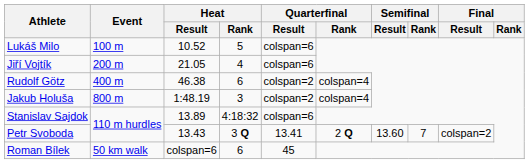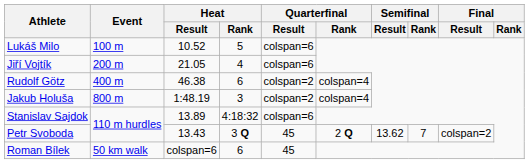 <table class=wikitable style="font-size:90%">
 <tr>
 <th rowspan="2">Athlete</th>
 <th rowspan="2">Event</th>
 <th colspan="2">Heat</th>
 <th colspan="2">Quarterfinal</th>
 <th colspan="2">Semifinal</th>
 <th colspan="2">Final</th>
 </tr>
 <tr style="font-size:95%">
 <th>Result</th>
 <th>Rank</th>
 <th>Result</th>
 <th>Rank</th>
 <th>Result</th>
 <th>Rank</th>
 <th>Result</th>
 <th>Rank</th>
 </tr>
 <tr align=center>
 <td align=left><a href='#'>Lukáš Milo</a></td>
 <td align=left><a href='#'>100 m</a></td>
 <td>10.52</td>
 <td>5</td>
 <td>colspan=6 </td>
 </tr>
 <tr align=center>
 <td align=left><a href='#'>Jiří Vojtík</a></td>
 <td align=left><a href='#'>200 m</a></td>
 <td>21.05</td>
 <td>4</td>
 <td>colspan=6 </td>
 </tr>
 <tr align=center>
 <td align=left><a href='#'>Rudolf Götz</a></td>
 <td align=left><a href='#'>400 m</a></td>
 <td>46.38</td>
 <td>6</td>
 <td>colspan=2 </td>
 <td>colspan=4 </td>
 </tr>
 <tr align=center>
 <td align=left><a href='#'>Jakub Holuša</a></td>
 <td align=left><a href='#'>800 m</a></td>
 <td>1:48.19</td>
 <td>3</td>
 <td>colspan=2 </td>
 <td>colspan=4 </td>
 </tr>
 <tr align=center>
 <td align=left><a href='#'>Stanislav Sajdok</a></td>
 <td align=left rowspan=2><a href='#'>110 m hurdles</a></td>
 <td>13.89</td>
 <td>4:18:32</td>
 <td>colspan=6 </td>
 </tr>
 <tr align=center>
 <td align=left><a href='#'>Petr Svoboda</a></td>
 <td>13.43</td>
 <td>3 <strong>Q</strong></td>
-<td>13.41</td>
+<td>45</td>
 <td>2 <strong>Q</strong></td>
-<td>13.60</td>
+<td>13.62</td>
 <td>7</td>
 <td>colspan=2 </td>
 </tr>
 <tr align=center>
 <td align=left><a href='#'>Roman Bílek</a></td>
 <td align=left><a href='#'>50 km walk</a></td>
 <td>colspan=6 </td>
 <td>6</td>
 <td>45</td>
 </tr>
 </table>
